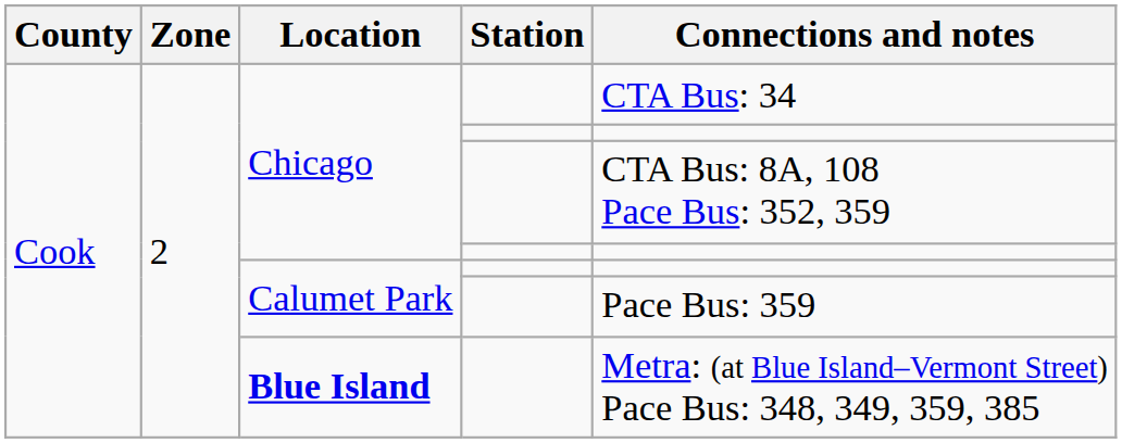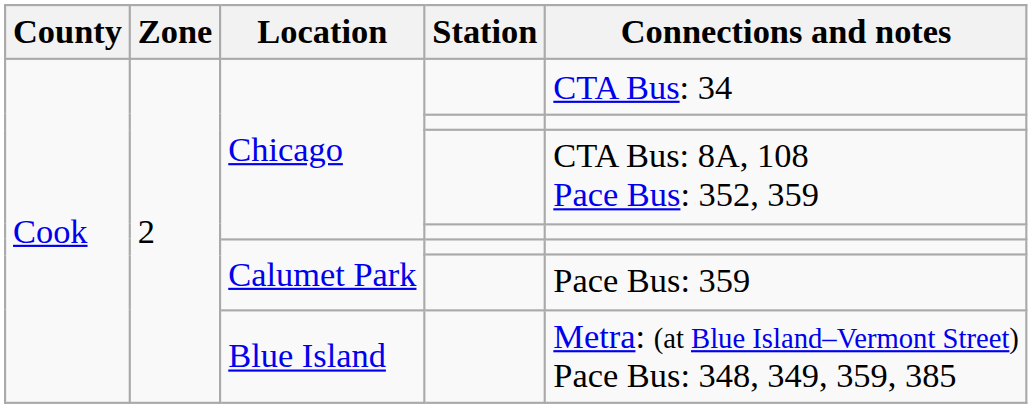 <table class="wikitable">
 <tr>
 <th>County</th>
 <th>Zone</th>
 <th>Location</th>
 <th>Station</th>
 <th>Connections and notes</th>
 </tr>
 <tr>
 <td rowspan=7><a href='#'>Cook</a></td>
 <td rowspan=7>2</td>
 <td rowspan=4><a href='#'>Chicago</a></td>
 <td></td>
 <td> <a href='#'>CTA Bus</a>: 34</td>
 </tr>
 <tr>
 <td></td>
 <td></td>
 </tr>
 <tr>
 <td></td>
 <td> CTA Bus: 8A, 108<br> <a href='#'>Pace Bus</a>: 352, 359</td>
 </tr>
 <tr>
 <td></td>
 <td></td>
 </tr>
 <tr>
 <td rowspan=2><a href='#'>Calumet Park</a></td>
 <td></td>
 <td></td>
 </tr>
 <tr>
 <td></td>
 <td> Pace Bus: 359</td>
 </tr>
 <tr>
-<td><strong><a href='#'>Blue Island</a></strong></td>
+<td><a href='#'>Blue Island</a></td>
 <td></td>
 <td> <a href='#'>Metra</a>:  <small>(at <a href='#'>Blue Island–Vermont Street</a>)</small><br> Pace Bus: 348, 349, 359, 385</td>
 </tr>
 </table>
